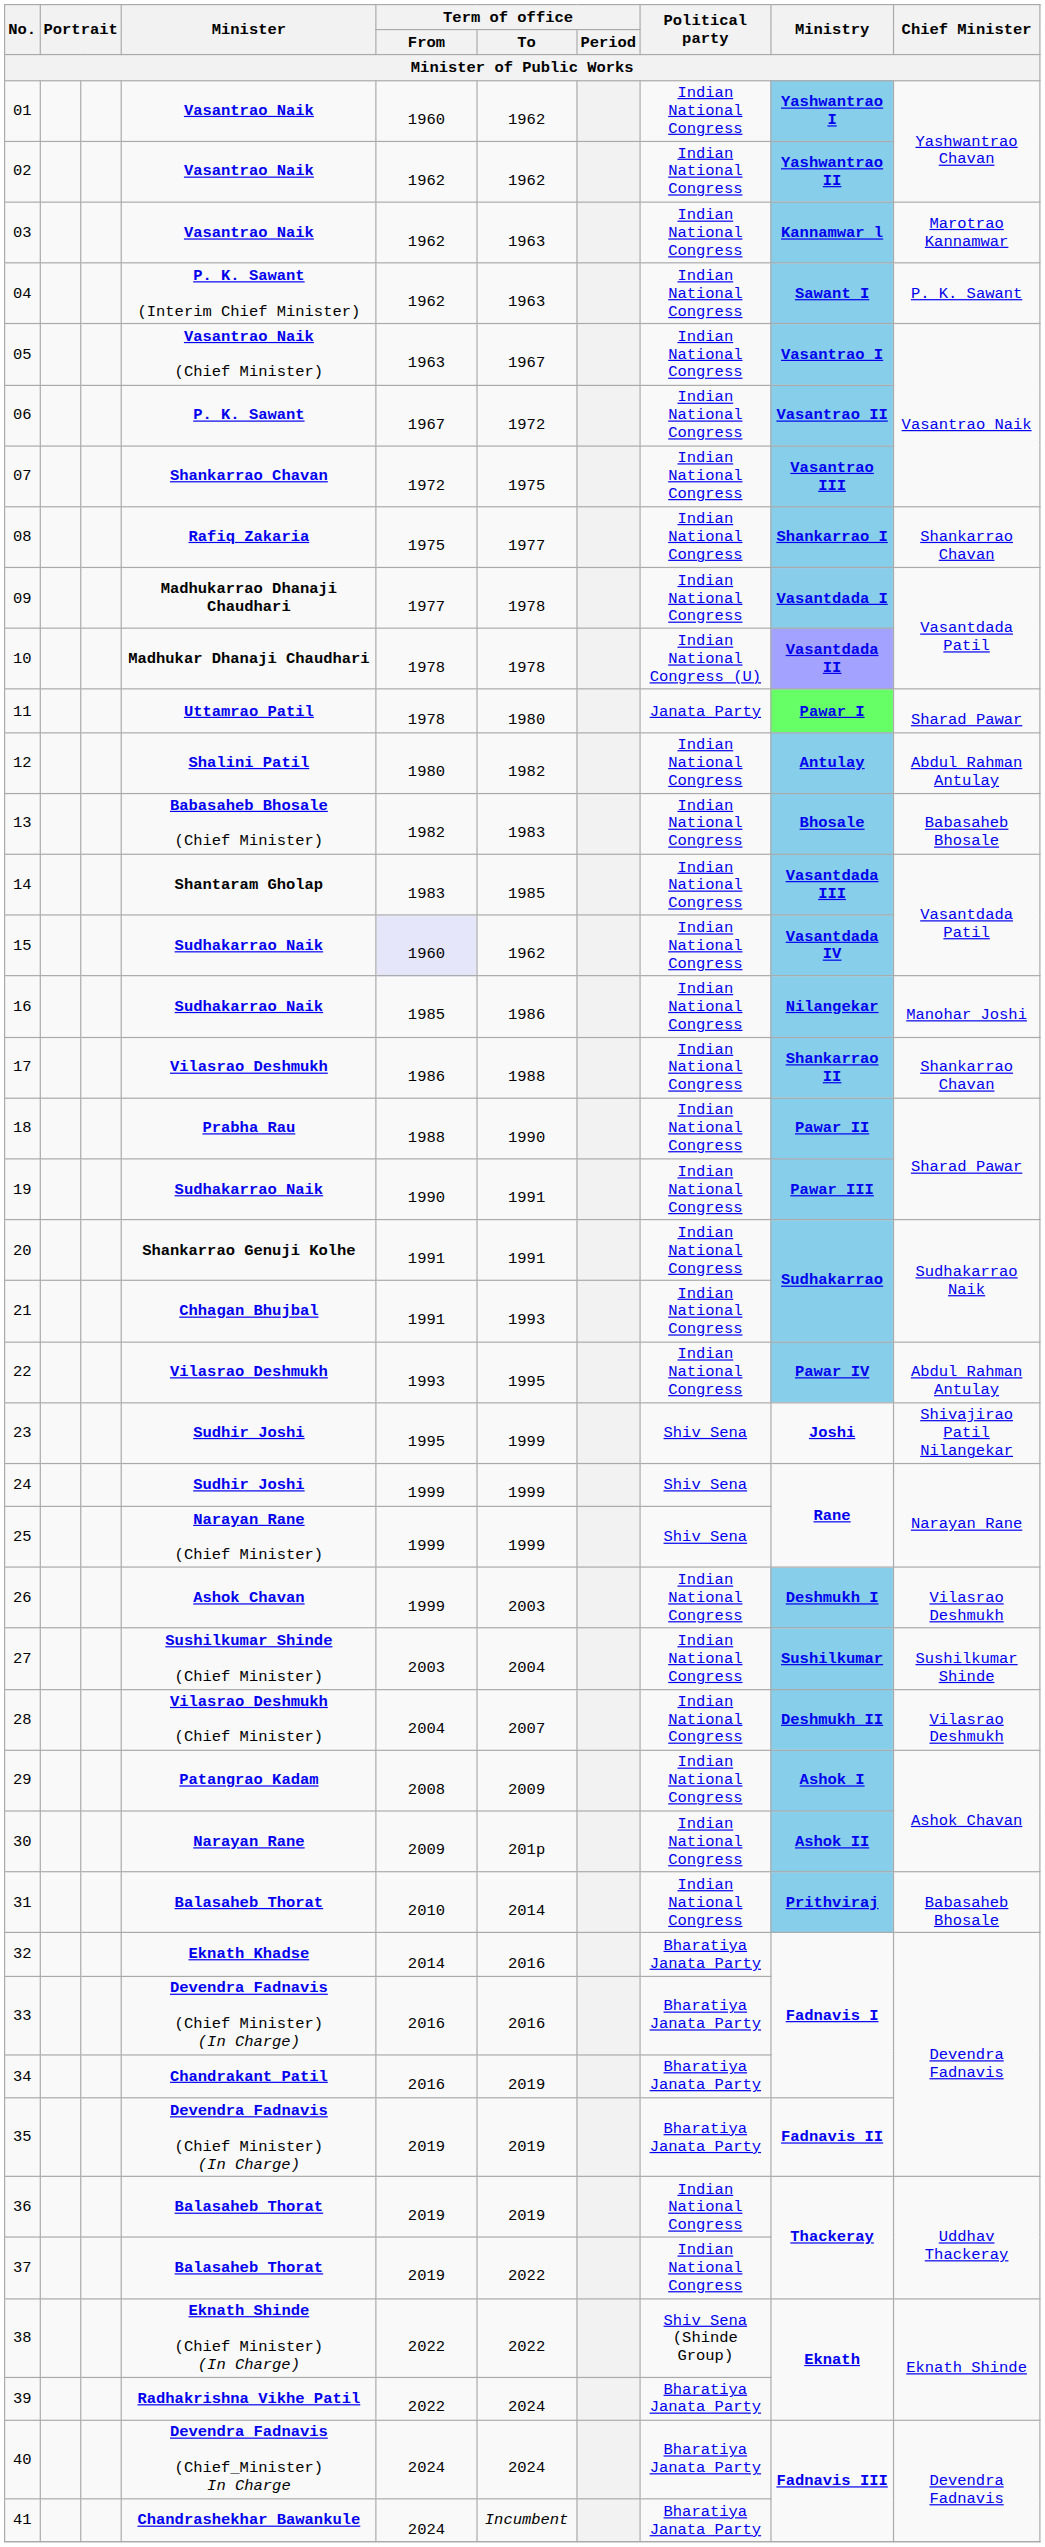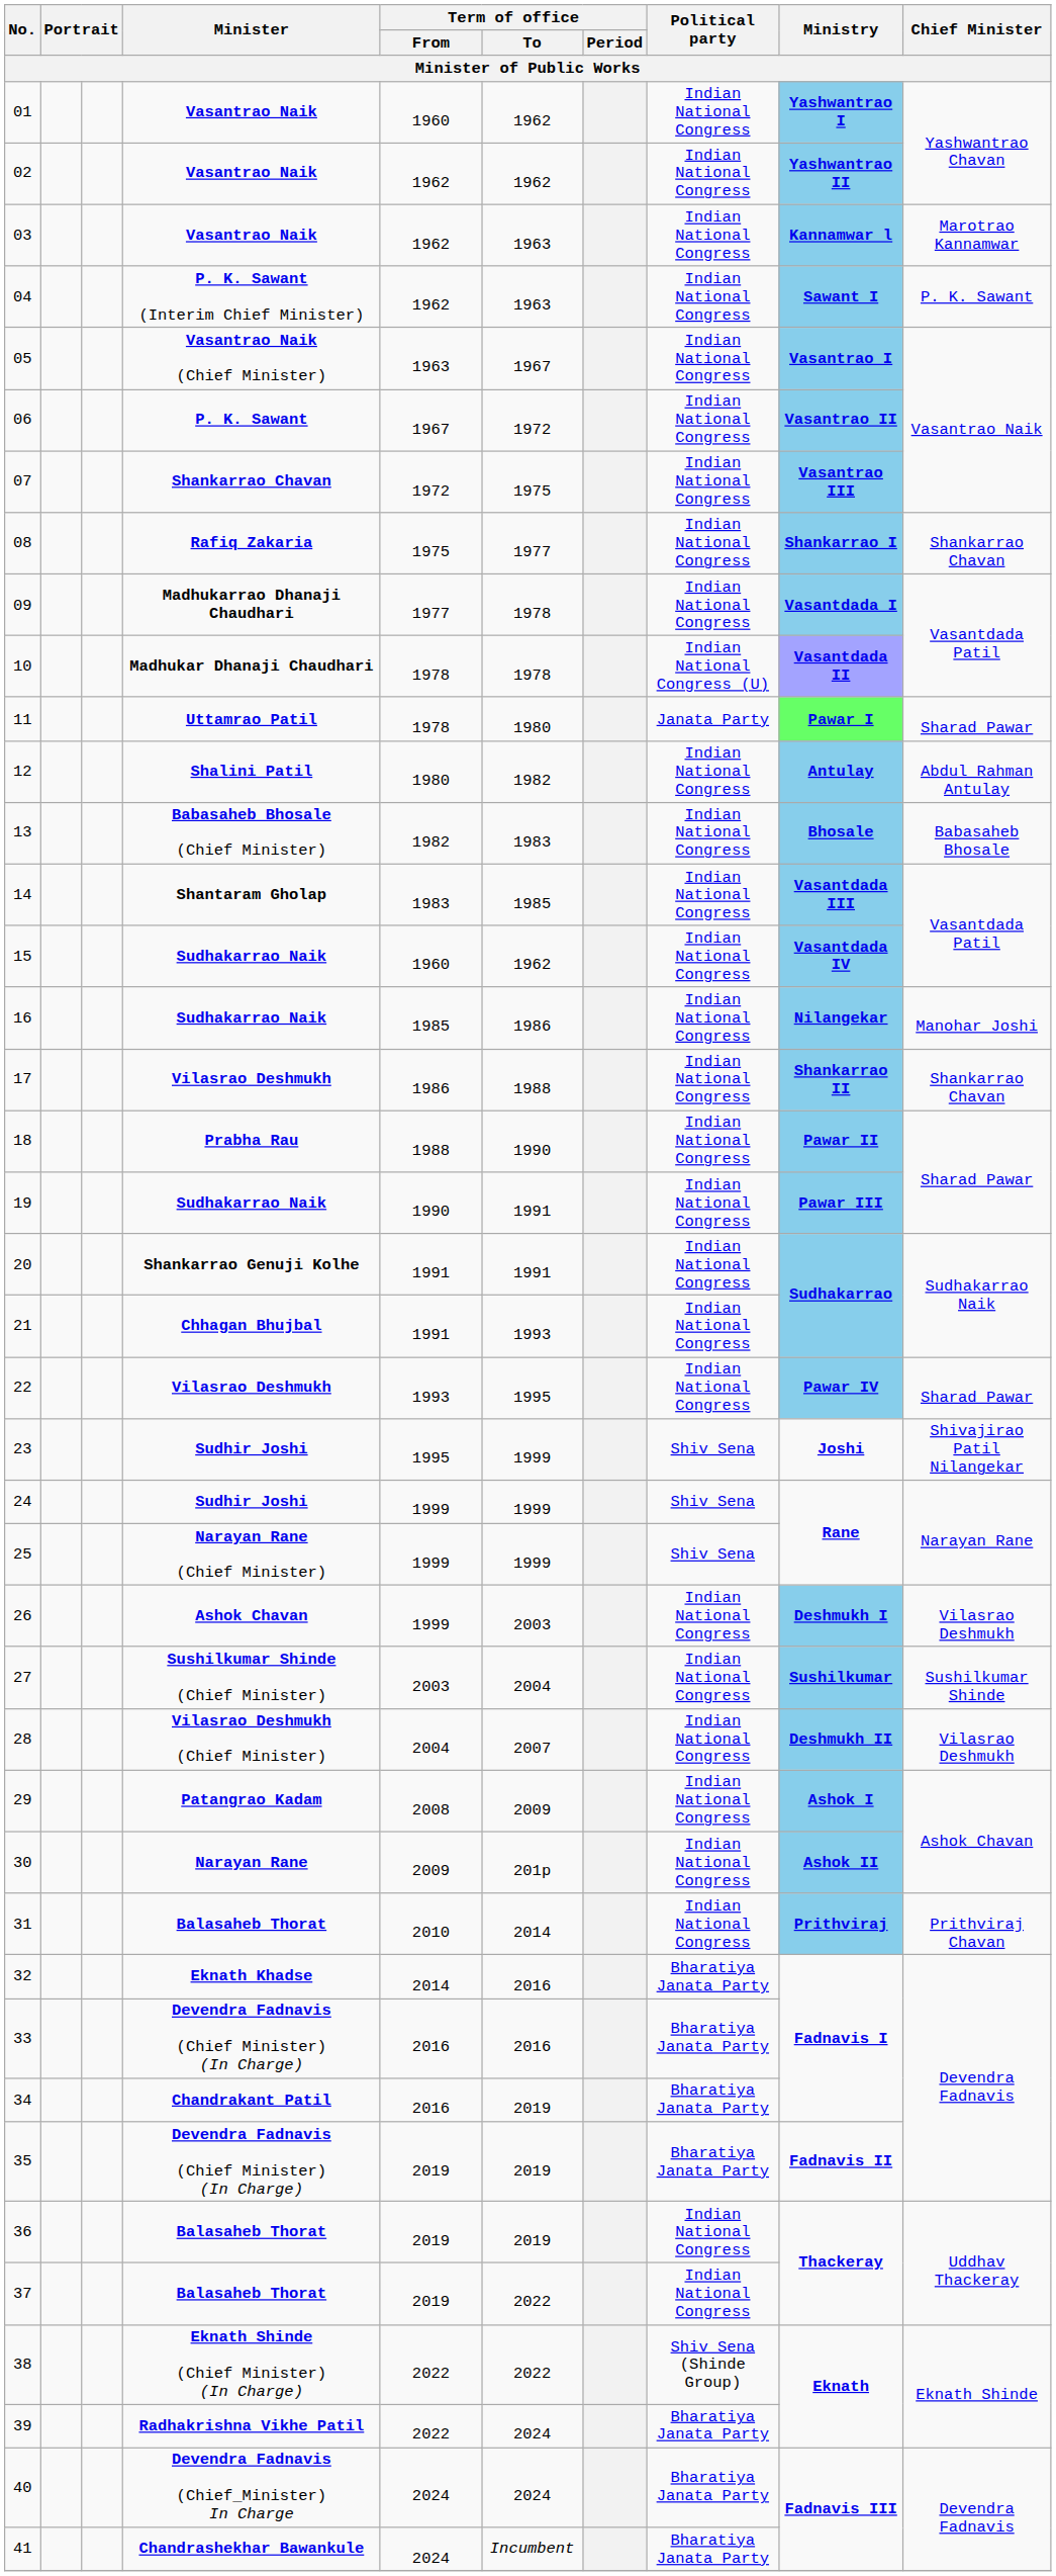 <table class="wikitable" style="text-align:center">
 <tr>
 <th rowspan="2">No.</th>
 <th rowspan="2" colspan="2">Portrait</th>
 <th rowspan="2" style="width:16em">Minister<br></th>
 <th colspan="3">Term of office</th>
 <th rowspan="2" style="width:8em">Political party</th>
 <th rowspan="2">Ministry</th>
 <th rowspan="2" style="width:9em">Chief Minister</th>
 </tr>
 <tr>
 <th style="width:6em">From</th>
 <th style="width:6em">To</th>
 <th>Period</th>
 </tr>
 <tr>
 <th colspan="10">Minister of Public Works</th>
 </tr>
 <tr>
 <td>01</td>
 <td></td>
 <td></td>
 <td><strong><a href='#'>Vasantrao Naik</a></strong> <br> </td>
 <td><br>1960</td>
 <td><br>1962</td>
 <th></th>
 <td><a href='#'>Indian National Congress</a></td>
 <td bgcolor="#87CEEB"><a href='#'><strong>Yashwantrao I</strong></a></td>
 <td rowspan="2"> <br><a href='#'>Yashwantrao Chavan</a></td>
 </tr>
 <tr>
 <td>02</td>
 <td></td>
 <td></td>
 <td><strong><a href='#'>Vasantrao Naik</a></strong> <br> </td>
 <td><br>1962</td>
 <td><br>1962</td>
 <th></th>
 <td><a href='#'>Indian National Congress</a></td>
 <td bgcolor="#87CEEB"><a href='#'><strong>Yashwantrao II</strong></a></td>
 </tr>
 <tr>
 <td>03</td>
 <td></td>
 <td></td>
 <td><strong><a href='#'>Vasantrao Naik</a></strong> <br> </td>
 <td><br>1962</td>
 <td><br>1963</td>
 <th></th>
 <td><a href='#'>Indian National Congress</a></td>
 <td bgcolor="#87CEEB"><a href='#'><strong>Kannamwar l</strong></a></td>
 <td><a href='#'>Marotrao Kannamwar</a></td>
 </tr>
 <tr>
 <td>04</td>
 <td></td>
 <td></td>
 <td><strong><a href='#'>P. K. Sawant</a></strong> <br>  <br>(Interim Chief Minister)</td>
 <td><br>1962</td>
 <td><br>1963</td>
 <th></th>
 <td><a href='#'>Indian National Congress</a></td>
 <td bgcolor="#87CEEB"><a href='#'><strong>Sawant I</strong></a></td>
 <td><a href='#'>P. K. Sawant</a></td>
 </tr>
 <tr>
 <td>05</td>
 <td></td>
 <td></td>
 <td><strong><a href='#'>Vasantrao Naik</a></strong> <br> <br>(Chief Minister)</td>
 <td><br>1963</td>
 <td><br>1967</td>
 <th></th>
 <td><a href='#'>Indian National Congress</a></td>
 <td bgcolor="#87CEEB"><a href='#'><strong>Vasantrao I</strong></a></td>
 <td rowspan="3"><br><a href='#'>Vasantrao Naik</a></td>
 </tr>
 <tr>
 <td>06</td>
 <td></td>
 <td></td>
 <td><strong><a href='#'>P. K. Sawant</a></strong> <br> </td>
 <td><br>1967</td>
 <td><br>1972</td>
 <th></th>
 <td><a href='#'>Indian National Congress</a></td>
 <td rowspan="1" bgcolor="#87CEEB"><a href='#'><strong>Vasantrao II</strong></a></td>
 </tr>
 <tr>
 <td>07</td>
 <td></td>
 <td></td>
 <td><strong><a href='#'>Shankarrao Chavan</a></strong> <br> </td>
 <td><br>1972</td>
 <td><br>1975</td>
 <th></th>
 <td><a href='#'>Indian National Congress</a></td>
 <td bgcolor="#87CEEB"><a href='#'><strong>Vasantrao III</strong></a></td>
 </tr>
 <tr>
 <td>08</td>
 <td></td>
 <td></td>
 <td><strong><a href='#'>Rafiq Zakaria</a></strong> <br> </td>
 <td><br>1975</td>
 <td><br>1977</td>
 <th></th>
 <td><a href='#'>Indian National Congress</a></td>
 <td bgcolor="#87CEEB"><a href='#'><strong>Shankarrao I</strong></a></td>
 <td><br><a href='#'>Shankarrao Chavan</a></td>
 </tr>
 <tr>
 <td>09</td>
 <td></td>
 <td></td>
 <td><strong>Madhukarrao Dhanaji Chaudhari</strong> <br> </td>
 <td><br>1977</td>
 <td><br>1978</td>
 <th></th>
 <td><a href='#'>Indian National Congress</a></td>
 <td rowspan="1" bgcolor="#88CEEB"><a href='#'><strong>Vasantdada I</strong></a></td>
 <td rowspan="2"><br><a href='#'>Vasantdada Patil</a></td>
 </tr>
 <tr>
 <td>10</td>
 <td></td>
 <td></td>
 <td><strong>Madhukar Dhanaji Chaudhari</strong> <br> </td>
 <td><br>1978</td>
 <td><br>1978</td>
 <th></th>
 <td><a href='#'>Indian National Congress (U)</a></td>
 <td bgcolor="#A3A3FF"><a href='#'><strong>Vasantdada II</strong></a></td>
 </tr>
 <tr>
 <td>11</td>
 <td></td>
 <td></td>
 <td><strong><a href='#'>Uttamrao Patil</a></strong> <br> </td>
 <td><br>1978</td>
 <td><br>1980</td>
 <th></th>
 <td><a href='#'>Janata Party</a></td>
 <td rowspan="1" bgcolor="#66FF66"><a href='#'><strong>Pawar I</strong></a></td>
 <td rowspan="1"><br><a href='#'>Sharad Pawar</a></td>
 </tr>
 <tr>
 <td>12</td>
 <td></td>
 <td></td>
 <td><strong><a href='#'>Shalini Patil</a></strong><br> </td>
 <td><br>1980</td>
 <td><br>1982</td>
 <th></th>
 <td><a href='#'>Indian National Congress</a></td>
 <td bgcolor="#87CEEB"><a href='#'><strong>Antulay</strong></a></td>
 <td rowspan="1"> <br><a href='#'>Abdul Rahman Antulay</a></td>
 </tr>
 <tr>
 <td>13</td>
 <td></td>
 <td></td>
 <td><strong><a href='#'>Babasaheb Bhosale</a></strong> <br> <br>(Chief Minister)</td>
 <td><br>1982</td>
 <td><br>1983</td>
 <th></th>
 <td><a href='#'>Indian National Congress</a></td>
 <td bgcolor="#87CEEB"><a href='#'><strong>Bhosale</strong></a></td>
 <td rowspan="1"> <br><a href='#'>Babasaheb Bhosale</a></td>
 </tr>
 <tr>
 <td>14</td>
 <td></td>
 <td></td>
 <td><strong>Shantaram Gholap</strong> <br> </td>
 <td><br>1983</td>
 <td><br>1985</td>
 <th></th>
 <td><a href='#'>Indian National Congress</a></td>
 <td bgcolor="#87CEEB"><a href='#'><strong>Vasantdada III</strong></a></td>
 <td rowspan="2"><br><a href='#'>Vasantdada Patil</a></td>
 </tr>
 <tr>
 <td>15</td>
 <td></td>
 <td></td>
 <td><strong><a href='#'>Sudhakarrao Naik</a></strong>  <br> </td>
-<td style="background: lavender;"><br>1960</td>
+<td><br>1960</td>
 <td><br>1962</td>
 <th></th>
 <td><a href='#'>Indian National Congress</a></td>
 <td bgcolor="#87CEEB"><a href='#'><strong>Vasantdada IV</strong></a></td>
 </tr>
 <tr>
 <td>16</td>
 <td></td>
 <td></td>
 <td><strong><a href='#'>Sudhakarrao Naik</a></strong> <br> </td>
 <td><br>1985</td>
 <td><br>1986</td>
 <th></th>
 <td><a href='#'>Indian National Congress</a></td>
 <td bgcolor="#87CEEB"><a href='#'><strong>Nilangekar</strong></a></td>
 <td rowspan="1"> <br><a href='#'>Manohar Joshi</a></td>
 </tr>
 <tr>
 <td>17</td>
 <td></td>
 <td><br></td>
 <td><strong><a href='#'>Vilasrao Deshmukh</a></strong> <br> </td>
 <td><br>1986</td>
 <td><br>1988</td>
 <th></th>
 <td><a href='#'>Indian National Congress</a></td>
 <td bgcolor="#87CEEB"><a href='#'><strong>Shankarrao II</strong></a></td>
 <td rowspan="1"> <br><a href='#'>Shankarrao Chavan</a></td>
 </tr>
 <tr>
 <td>18</td>
 <td></td>
 <td></td>
 <td><strong><a href='#'>Prabha Rau</a></strong> <br> </td>
 <td><br>1988</td>
 <td><br>1990</td>
 <th></th>
 <td><a href='#'>Indian National Congress</a></td>
 <td bgcolor="#87CEEB"><a href='#'><strong>Pawar II</strong></a></td>
 <td rowspan="2"> <br><a href='#'>Sharad Pawar</a></td>
 </tr>
 <tr>
 <td>19</td>
 <td></td>
 <td></td>
 <td><strong><a href='#'>Sudhakarrao Naik</a></strong> <br> </td>
 <td><br>1990</td>
 <td><br>1991</td>
 <th></th>
 <td><a href='#'>Indian National Congress</a></td>
 <td bgcolor="#87CEEB"><a href='#'><strong>Pawar III</strong></a></td>
 </tr>
 <tr>
 <td>20</td>
 <td></td>
 <td></td>
 <td><strong>Shankarrao Genuji Kolhe</strong> <br> </td>
 <td><br>1991</td>
 <td><br>1991</td>
 <th></th>
 <td><a href='#'>Indian National Congress</a></td>
 <td rowspan="2" bgcolor="#87CEEB"><a href='#'><strong>Sudhakarrao</strong></a></td>
 <td rowspan="2"><a href='#'>Sudhakarrao Naik</a></td>
 </tr>
 <tr>
 <td>21</td>
 <td></td>
 <td><br></td>
 <td><strong><a href='#'>Chhagan Bhujbal</a></strong> <br> </td>
 <td><br>1991</td>
 <td><br>1993</td>
 <th></th>
 <td><a href='#'>Indian National Congress</a></td>
 </tr>
 <tr>
 <td>22</td>
 <td></td>
 <td><br></td>
 <td><strong><a href='#'>Vilasrao Deshmukh</a></strong> <br> </td>
 <td><br>1993</td>
 <td><br>1995</td>
 <th></th>
 <td><a href='#'>Indian National Congress</a></td>
 <td bgcolor="#87CEEB"><a href='#'><strong>Pawar IV</strong></a></td>
-<td rowspan="1"> <br><a href='#'>Abdul Rahman Antulay</a></td>
+<td> <br><a href='#'>Sharad Pawar</a></td>
 </tr>
 <tr>
 <td>23</td>
 <td></td>
 <td></td>
 <td><strong><a href='#'>Sudhir Joshi</a></strong> <br> </td>
 <td><br>1995</td>
 <td><br>1999</td>
 <th></th>
 <td><a href='#'>Shiv Sena</a></td>
 <td rowspan="1"><a href='#'><strong>Joshi</strong></a></td>
 <td><a href='#'>Shivajirao Patil Nilangekar</a></td>
 </tr>
 <tr>
 <td>24</td>
 <td></td>
 <td></td>
 <td><strong><a href='#'>Sudhir Joshi</a></strong> <br> </td>
 <td><br>1999</td>
 <td><br>1999</td>
 <th></th>
 <td><a href='#'>Shiv Sena</a></td>
 <td rowspan="2"><a href='#'><strong>Rane</strong></a></td>
 <td rowspan="2"> <br><a href='#'>Narayan Rane</a></td>
 </tr>
 <tr>
 <td>25</td>
 <td></td>
 <td></td>
 <td><strong><a href='#'>Narayan Rane</a></strong><br> <br> (Chief Minister)</td>
 <td><br>1999</td>
 <td><br>1999</td>
 <th></th>
 <td><a href='#'>Shiv Sena</a></td>
 </tr>
 <tr>
 <td>26</td>
 <td></td>
 <td></td>
 <td><strong><a href='#'>Ashok Chavan</a></strong><br> </td>
 <td><br>1999</td>
 <td><br>2003</td>
 <th></th>
 <td><a href='#'>Indian National Congress</a></td>
 <td rowspan="1" bgcolor="#87CEEB"><a href='#'><strong>Deshmukh I</strong></a></td>
 <td rowspan="1"> <br><a href='#'>Vilasrao Deshmukh</a></td>
 </tr>
 <tr>
 <td>27</td>
 <td></td>
 <td></td>
 <td><strong><a href='#'>Sushilkumar Shinde</a></strong> <br> <br>(Chief Minister)</td>
 <td><br>2003</td>
 <td><br>2004</td>
 <th></th>
 <td><a href='#'>Indian National Congress</a></td>
 <td rowspan="1" bgcolor="#87CEEB"><a href='#'><strong>Sushilkumar</strong></a></td>
 <td rowspan="1"> <br><a href='#'>Sushilkumar Shinde</a></td>
 </tr>
 <tr>
 <td>28</td>
 <td></td>
 <td></td>
 <td><strong><a href='#'>Vilasrao Deshmukh</a></strong> <br> <br>(Chief Minister)</td>
 <td><br>2004</td>
 <td><br>2007</td>
 <th></th>
 <td><a href='#'>Indian National Congress</a></td>
 <td bgcolor="#87CEEB"><a href='#'><strong>Deshmukh II</strong></a></td>
 <td> <br><a href='#'>Vilasrao Deshmukh</a></td>
 </tr>
 <tr>
 <td>29</td>
 <td></td>
 <td></td>
 <td><strong><a href='#'>Patangrao Kadam</a></strong> <br> </td>
 <td><br>2008</td>
 <td><br>2009</td>
 <th></th>
 <td><a href='#'>Indian National Congress</a></td>
 <td bgcolor="#87CEEB"><a href='#'><strong>Ashok I</strong></a></td>
 <td rowspan="2"><br><a href='#'>Ashok Chavan</a></td>
 </tr>
 <tr>
 <td>30</td>
 <td></td>
 <td></td>
 <td><strong><a href='#'>Narayan Rane</a></strong> <br> </td>
 <td><br>2009</td>
 <td><br>201p</td>
 <th></th>
 <td><a href='#'>Indian National Congress</a></td>
 <td bgcolor="#87CEEB"><a href='#'><strong>Ashok II</strong></a></td>
 </tr>
 <tr>
 <td>31</td>
 <td></td>
 <td></td>
 <td><strong><a href='#'>Balasaheb Thorat</a></strong> <br> </td>
 <td><br>2010</td>
 <td><br>2014</td>
 <th></th>
 <td><a href='#'>Indian National Congress</a></td>
 <td rowspan="1" bgcolor="#87CEEB"><a href='#'><strong>Prithviraj</strong></a></td>
-<td rowspan="1"> <br><a href='#'>Babasaheb Bhosale</a></td>
+<td rowspan="1"><br><a href='#'>Prithviraj Chavan</a></td>
 </tr>
 <tr>
 <td>32</td>
 <td></td>
 <td></td>
 <td><strong><a href='#'>Eknath Khadse</a></strong>  <br> </td>
 <td><br>2014</td>
 <td><br>2016</td>
 <th></th>
 <td><a href='#'>Bharatiya Janata Party</a></td>
 <td rowspan="3"><a href='#'><strong>Fadnavis I</strong></a></td>
 <td rowspan="4"> <br><a href='#'>Devendra Fadnavis</a></td>
 </tr>
 <tr>
 <td>33</td>
 <td></td>
 <td></td>
 <td><strong><a href='#'>Devendra Fadnavis</a></strong>  <br> <br>(Chief Minister) <br><em>(In Charge)</em></td>
 <td><br>2016</td>
 <td><br>2016</td>
 <th></th>
 <td><a href='#'>Bharatiya Janata Party</a></td>
 </tr>
 <tr>
 <td>34</td>
 <td></td>
 <td></td>
 <td><strong><a href='#'>Chandrakant Patil</a></strong> <br> </td>
 <td><br>2016</td>
 <td><br>2019</td>
 <th></th>
 <td><a href='#'>Bharatiya Janata Party</a></td>
 </tr>
 <tr>
 <td>35</td>
 <td></td>
 <td></td>
 <td><strong><a href='#'>Devendra Fadnavis</a></strong>  <br> <br>(Chief Minister) <br><em>(In Charge)</em></td>
 <td><br>2019</td>
 <td><br>2019</td>
 <th></th>
 <td><a href='#'>Bharatiya Janata Party</a></td>
 <td rowspan="1"><a href='#'><strong>Fadnavis II</strong></a></td>
 </tr>
 <tr>
 <td>36</td>
 <td></td>
 <td></td>
 <td><strong><a href='#'>Balasaheb Thorat</a></strong> <br> </td>
 <td><br>2019</td>
 <td><br>2019</td>
 <th></th>
 <td><a href='#'>Indian National Congress</a></td>
 <td rowspan="2"><a href='#'><strong>Thackeray</strong></a></td>
 <td rowspan="2"> <br><a href='#'>Uddhav Thackeray</a></td>
 </tr>
 <tr>
 <td>37</td>
 <td></td>
 <td></td>
 <td><strong><a href='#'>Balasaheb Thorat</a></strong> <br> </td>
 <td><br>2019</td>
 <td><br>2022</td>
 <th></th>
 <td><a href='#'>Indian National Congress</a></td>
 </tr>
 <tr>
 <td>38</td>
 <td></td>
 <td></td>
 <td><strong><a href='#'>Eknath Shinde</a></strong> <br> <br>(Chief Minister) <br><em>(In Charge)</em></td>
 <td><br>2022</td>
 <td><br>2022</td>
 <th></th>
 <td><a href='#'>Shiv Sena</a> (Shinde Group)</td>
 <td rowspan="2"><a href='#'><strong>Eknath</strong></a></td>
 <td rowspan="2"> <br><a href='#'>Eknath Shinde</a></td>
 </tr>
 <tr>
 <td>39</td>
 <td></td>
 <td></td>
 <td><strong><a href='#'>Radhakrishna Vikhe Patil</a></strong> <br> </td>
 <td><br>2022</td>
 <td><br>2024</td>
 <th></th>
 <td><a href='#'>Bharatiya Janata Party</a></td>
 </tr>
 <tr>
 <td>40</td>
 <td style="color:inherit;background:"></td>
 <td></td>
 <td><strong><a href='#'>Devendra Fadnavis</a></strong>  <br> <br>(Chief_Minister) <br><em>In Charge</em></td>
 <td><br>2024</td>
 <td><br>2024</td>
 <th></th>
 <td><a href='#'>Bharatiya Janata Party</a></td>
 <td rowspan="2"><a href='#'><strong>Fadnavis III</strong></a></td>
 <td rowspan="2"> <br><a href='#'>Devendra Fadnavis</a></td>
 </tr>
 <tr>
 <td>41</td>
 <td style="color:inherit;background:"></td>
 <td></td>
 <td><strong><a href='#'>Chandrashekhar Bawankule</a></strong> <br> </td>
 <td><br>2024</td>
 <td><em>Incumbent</em></td>
 <th></th>
 <td><a href='#'>Bharatiya Janata Party</a></td>
 </tr>
 <tr>
 </tr>
 </table>
